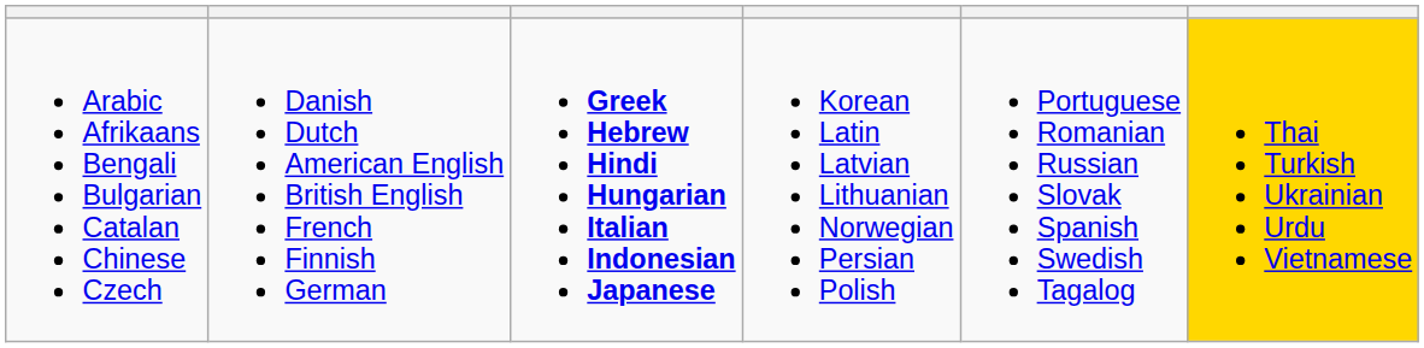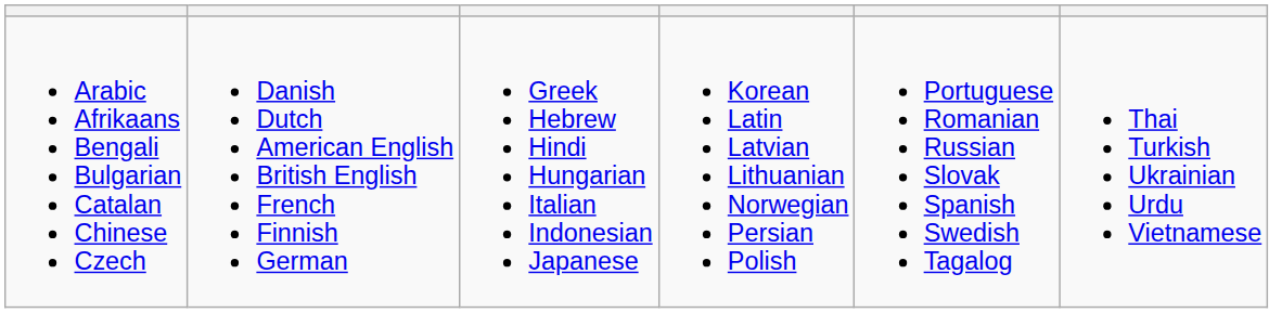 <table class="wikitable">
 <tr>
 <th></th>
 <th></th>
 <th></th>
 <th></th>
 <th></th>
 <th></th>
 </tr>
 <tr>
 <td><br><ul><li><a href='#'>Arabic</a></li><li><a href='#'>Afrikaans</a></li><li><a href='#'>Bengali</a></li><li><a href='#'>Bulgarian</a></li><li><a href='#'>Catalan</a></li><li><a href='#'>Chinese</a></li><li><a href='#'>Czech</a></li></ul></td>
 <td><br><ul><li><a href='#'>Danish</a></li><li><a href='#'>Dutch</a></li><li><a href='#'>American English</a></li><li><a href='#'>British English</a></li><li><a href='#'>French</a></li><li><a href='#'>Finnish</a></li><li><a href='#'>German</a></li></ul></td>
-<td><strong><br><ul><li><a href='#'>Greek</a></li><li><a href='#'>Hebrew</a></li><li><a href='#'>Hindi</a></li><li><a href='#'>Hungarian</a></li><li><a href='#'>Italian</a></li><li><a href='#'>Indonesian</a></li><li><a href='#'>Japanese</a></li></ul></strong></td>
+<td><br><ul><li><a href='#'>Greek</a></li><li><a href='#'>Hebrew</a></li><li><a href='#'>Hindi</a></li><li><a href='#'>Hungarian</a></li><li><a href='#'>Italian</a></li><li><a href='#'>Indonesian</a></li><li><a href='#'>Japanese</a></li></ul></td>
 <td><br><ul><li><a href='#'>Korean</a></li><li><a href='#'>Latin</a></li><li><a href='#'>Latvian</a></li><li><a href='#'>Lithuanian</a></li><li><a href='#'>Norwegian</a></li><li><a href='#'>Persian</a></li><li><a href='#'>Polish</a></li></ul></td>
 <td><br><ul><li><a href='#'>Portuguese</a></li><li><a href='#'>Romanian</a></li><li><a href='#'>Russian</a></li><li><a href='#'>Slovak</a></li><li><a href='#'>Spanish</a></li><li><a href='#'>Swedish</a></li><li><a href='#'>Tagalog</a></li></ul></td>
-<td style="background: gold;"><br><ul><li><a href='#'>Thai</a></li><li><a href='#'>Turkish</a></li><li><a href='#'>Ukrainian</a></li><li><a href='#'>Urdu</a></li><li><a href='#'>Vietnamese</a></li></ul></td>
+<td><br><ul><li><a href='#'>Thai</a></li><li><a href='#'>Turkish</a></li><li><a href='#'>Ukrainian</a></li><li><a href='#'>Urdu</a></li><li><a href='#'>Vietnamese</a></li></ul></td>
 </tr>
 </table>
